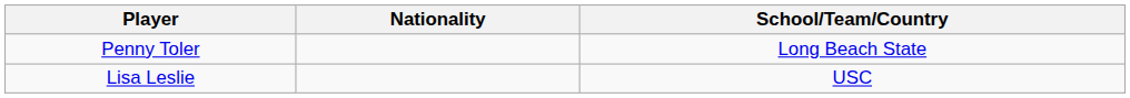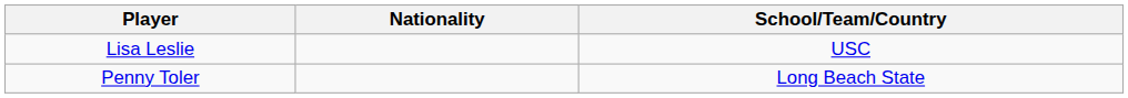 <table class="wikitable" style="text-align:center; width:60em">
 <tr>
 <th>Player</th>
 <th>Nationality</th>
 <th>School/Team/Country</th>
 </tr>
 <tr>
+<td><a href='#'>Lisa Leslie</a></td>
+<td></td>
+<td><a href='#'>USC</a></td>
+</tr>
+<tr>
 <td><a href='#'>Penny Toler</a></td>
 <td></td>
 <td><a href='#'>Long Beach State</a></td>
 </tr>
-<tr>
-<td><a href='#'>Lisa Leslie</a></td>
-<td></td>
-<td><a href='#'>USC</a></td>
-</tr>
 </table>
